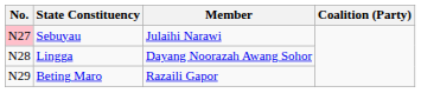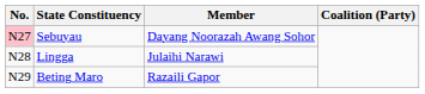 <table class="wikitable">
 <tr>
 <th>No.</th>
 <th>State Constituency</th>
 <th>Member</th>
 <th>Coalition (Party)</th>
 </tr>
 <tr>
 <td style="background: pink;">N27</td>
 <td><a href='#'>Sebuyau</a></td>
-<td><a href='#'>Julaihi Narawi</a></td>
+<td><a href='#'>Dayang Noorazah Awang Sohor</a></td>
 <td rowspan="3"></td>
 </tr>
 <tr>
 <td>N28</td>
 <td><a href='#'>Lingga</a></td>
-<td><a href='#'>Dayang Noorazah Awang Sohor</a></td>
+<td><a href='#'>Julaihi Narawi</a></td>
 </tr>
 <tr>
 <td>N29</td>
 <td><a href='#'>Beting Maro</a></td>
 <td><a href='#'>Razaili Gapor</a></td>
 </tr>
 </table>
